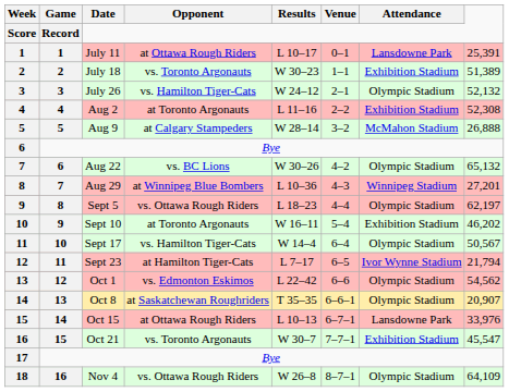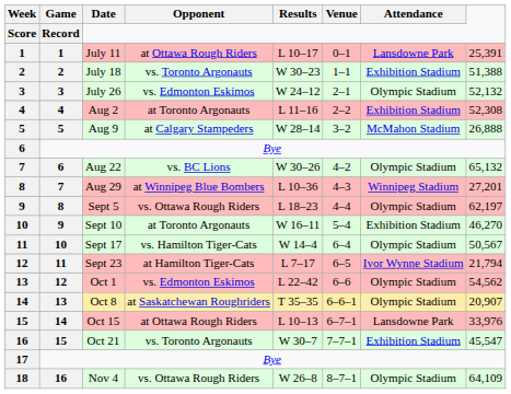 <table class="wikitable" style="text-align:center">
 <tr>
 <th>Week</th>
 <th>Game</th>
 <th>Date</th>
 <th>Opponent</th>
 <th>Results</th>
 <th>Venue</th>
 <th>Attendance</th>
 </tr>
 <tr>
 <th>Score</th>
 <th>Record</th>
 </tr>
 <tr style="background:#ffbbbb">
 <th>1</th>
 <th>1</th>
 <td>July 11</td>
 <td>at <a href='#'>Ottawa Rough Riders</a></td>
 <td>L 10–17</td>
 <td>0–1</td>
 <td><a href='#'>Lansdowne Park</a></td>
 <td>25,391</td>
 </tr>
 <tr style="background:#ddffdd">
 <th>2</th>
 <th>2</th>
 <td>July 18</td>
 <td>vs. <a href='#'>Toronto Argonauts</a></td>
 <td>W 30–23</td>
 <td>1–1</td>
 <td><a href='#'>Exhibition Stadium</a></td>
-<td>51,389</td>
+<td>51,388</td>
 </tr>
 <tr style="background:#ddffdd">
 <th>3</th>
 <th>3</th>
 <td>July 26</td>
-<td>vs. <a href='#'>Hamilton Tiger-Cats</a></td>
+<td>vs. <a href='#'>Edmonton Eskimos</a></td>
 <td>W 24–12</td>
 <td>2–1</td>
 <td>Olympic Stadium</td>
 <td>52,132</td>
 </tr>
 <tr style="background:#ffbbbb">
 <th>4</th>
 <th>4</th>
 <td>Aug 2</td>
 <td>at Toronto Argonauts</td>
 <td>L 11–16</td>
 <td>2–2</td>
 <td><a href='#'>Exhibition Stadium</a></td>
 <td>52,308</td>
 </tr>
 <tr style="background:#ddffdd">
 <th>5</th>
 <th>5</th>
 <td>Aug 9</td>
 <td>at <a href='#'>Calgary Stampeders</a></td>
 <td>W 28–14</td>
 <td>3–2</td>
 <td><a href='#'>McMahon Stadium</a></td>
 <td>26,888</td>
 </tr>
 <tr>
 <th>6</th>
 <td colspan=7><em><a href='#'>Bye</a></em></td>
 </tr>
 <tr style="background:#ddffdd">
 <th>7</th>
 <th>6</th>
 <td>Aug 22</td>
 <td>vs. <a href='#'>BC Lions</a></td>
 <td>W 30–26</td>
 <td>4–2</td>
 <td>Olympic Stadium</td>
 <td>65,132</td>
 </tr>
 <tr style="background:#ffbbbb">
 <th>8</th>
 <th>7</th>
 <td>Aug 29</td>
 <td>at <a href='#'>Winnipeg Blue Bombers</a></td>
 <td>L 10–36</td>
 <td>4–3</td>
 <td><a href='#'>Winnipeg Stadium</a></td>
 <td>27,201</td>
 </tr>
 <tr style="background:#ffbbbb">
 <th>9</th>
 <th>8</th>
 <td>Sept 5</td>
 <td>vs. Ottawa Rough Riders</td>
 <td>L 18–23</td>
 <td>4–4</td>
 <td>Olympic Stadium</td>
 <td>62,197</td>
 </tr>
 <tr style="background:#ddffdd">
 <th>10</th>
 <th>9</th>
 <td>Sept 10</td>
 <td>at Toronto Argonauts</td>
 <td>W 16–11</td>
 <td>5–4</td>
 <td>Exhibition Stadium</td>
-<td>46,202</td>
+<td>46,270</td>
 </tr>
 <tr style="background:#ddffdd">
 <th>11</th>
 <th>10</th>
 <td>Sept 17</td>
 <td>vs. Hamilton Tiger-Cats</td>
 <td>W 14–4</td>
 <td>6–4</td>
 <td>Olympic Stadium</td>
 <td>50,567</td>
 </tr>
 <tr style="background:#ffbbbb">
 <th>12</th>
 <th>11</th>
 <td>Sept 23</td>
 <td>at Hamilton Tiger-Cats</td>
 <td>L 7–17</td>
 <td>6–5</td>
 <td><a href='#'>Ivor Wynne Stadium</a></td>
 <td>21,794</td>
 </tr>
 <tr style="background:#ffbbbb">
 <th>13</th>
 <th>12</th>
 <td>Oct 1</td>
 <td>vs. <a href='#'>Edmonton Eskimos</a></td>
 <td>L 22–42</td>
 <td>6–6</td>
 <td>Olympic Stadium</td>
 <td>54,562</td>
 </tr>
 <tr style="background:#ffeeaa">
 <th>14</th>
 <th>13</th>
 <td>Oct 8</td>
 <td>at <a href='#'>Saskatchewan Roughriders</a></td>
 <td>T 35–35</td>
 <td>6–6–1</td>
 <td>Olympic Stadium</td>
 <td>20,907</td>
 </tr>
 <tr style="background:#ffbbbb">
 <th>15</th>
 <th>14</th>
 <td>Oct 15</td>
 <td>at Ottawa Rough Riders</td>
 <td>L 10–13</td>
 <td>6–7–1</td>
 <td>Lansdowne Park</td>
 <td>33,976</td>
 </tr>
 <tr style="background:#ddffdd">
 <th>16</th>
 <th>15</th>
 <td>Oct 21</td>
 <td>vs. Toronto Argonauts</td>
 <td>W 30–7</td>
 <td>7–7–1</td>
 <td><a href='#'>Exhibition Stadium</a></td>
 <td>45,547</td>
 </tr>
 <tr>
 <th>17</th>
 <td colspan=7><em><a href='#'>Bye</a></em></td>
 </tr>
 <tr style="background:#ddffdd">
 <th>18</th>
 <th>16</th>
 <td>Nov 4</td>
 <td>vs. Ottawa Rough Riders</td>
 <td>W 26–8</td>
 <td>8–7–1</td>
 <td>Olympic Stadium</td>
 <td>64,109</td>
 </tr>
 </table>
